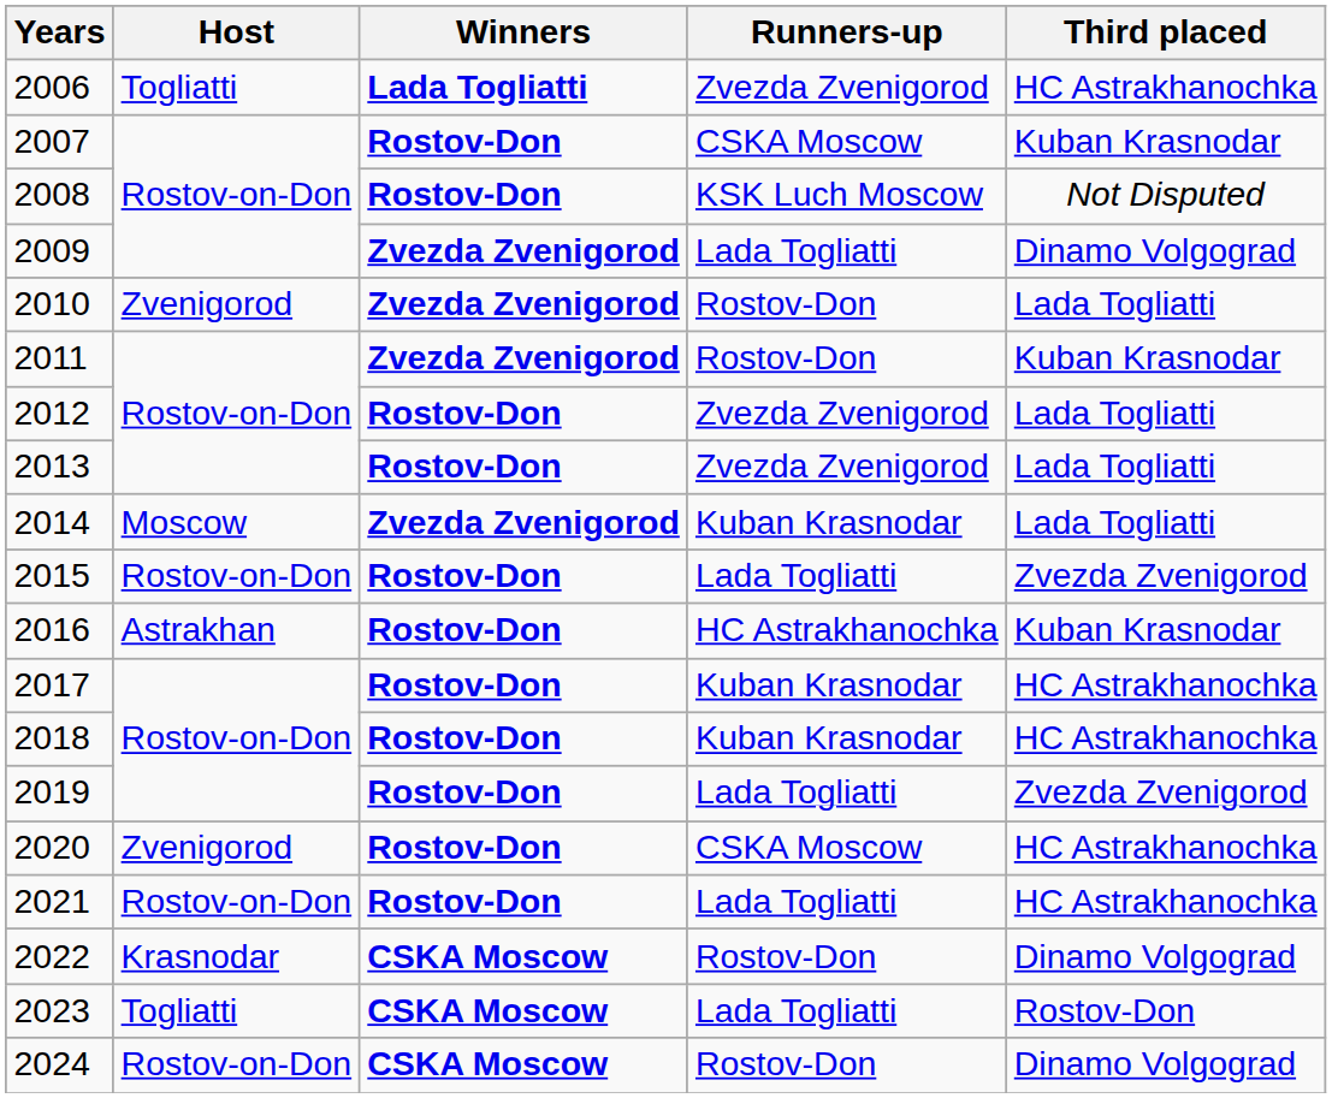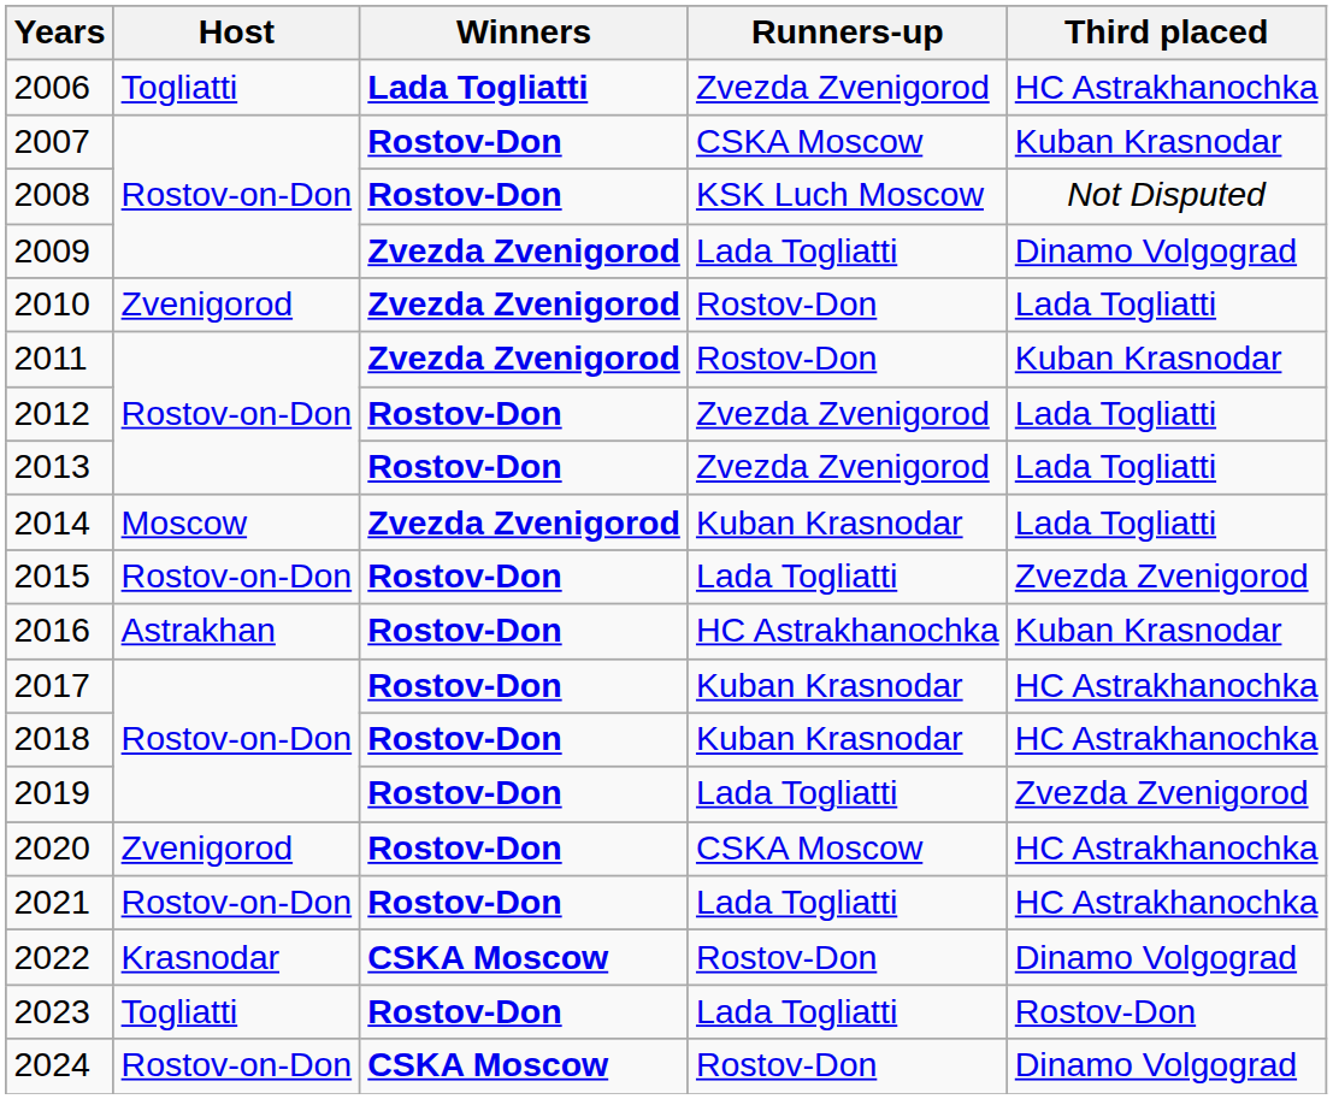 <table class="wikitable">
 <tr>
 <th scope="col">Years</th>
 <th scope="col">Host</th>
 <th scope="col">Winners</th>
 <th scope="col">Runners-up</th>
 <th scope="col">Third placed</th>
 </tr>
 <tr>
 <td>2006</td>
 <td><a href='#'>Togliatti</a></td>
 <td><strong><a href='#'>Lada Togliatti</a></strong></td>
 <td><a href='#'>Zvezda Zvenigorod</a></td>
 <td><a href='#'>HC Astrakhanochka</a></td>
 </tr>
 <tr>
 <td>2007</td>
 <td rowspan=3><a href='#'>Rostov-on-Don</a></td>
 <td><strong><a href='#'>Rostov-Don</a></strong></td>
 <td><a href='#'>CSKA Moscow</a></td>
 <td><a href='#'>Kuban Krasnodar</a></td>
 </tr>
 <tr>
 <td>2008</td>
 <td><strong><a href='#'>Rostov-Don</a></strong></td>
 <td><a href='#'>KSK Luch Moscow</a></td>
 <td align="center"><em>Not Disputed</em></td>
 </tr>
 <tr>
 <td>2009</td>
 <td><strong><a href='#'>Zvezda Zvenigorod</a></strong></td>
 <td><a href='#'>Lada Togliatti</a></td>
 <td><a href='#'>Dinamo Volgograd</a></td>
 </tr>
 <tr>
 <td>2010</td>
 <td><a href='#'>Zvenigorod</a></td>
 <td><strong><a href='#'>Zvezda Zvenigorod</a></strong></td>
 <td><a href='#'>Rostov-Don</a></td>
 <td><a href='#'>Lada Togliatti</a></td>
 </tr>
 <tr>
 <td>2011</td>
 <td rowspan=3><a href='#'>Rostov-on-Don</a></td>
 <td><strong><a href='#'>Zvezda Zvenigorod</a></strong></td>
 <td><a href='#'>Rostov-Don</a></td>
 <td><a href='#'>Kuban Krasnodar</a></td>
 </tr>
 <tr>
 <td>2012</td>
 <td><strong><a href='#'>Rostov-Don</a></strong></td>
 <td><a href='#'>Zvezda Zvenigorod</a></td>
 <td><a href='#'>Lada Togliatti</a></td>
 </tr>
 <tr>
 <td>2013</td>
 <td><strong><a href='#'>Rostov-Don</a></strong></td>
 <td><a href='#'>Zvezda Zvenigorod</a></td>
 <td><a href='#'>Lada Togliatti</a></td>
 </tr>
 <tr>
 <td>2014</td>
 <td><a href='#'>Moscow</a></td>
 <td><strong><a href='#'>Zvezda Zvenigorod</a></strong></td>
 <td><a href='#'>Kuban Krasnodar</a></td>
 <td><a href='#'>Lada Togliatti</a></td>
 </tr>
 <tr>
 <td>2015</td>
 <td><a href='#'>Rostov-on-Don</a></td>
 <td><strong><a href='#'>Rostov-Don</a></strong></td>
 <td><a href='#'>Lada Togliatti</a></td>
 <td><a href='#'>Zvezda Zvenigorod</a></td>
 </tr>
 <tr>
 <td>2016</td>
 <td><a href='#'>Astrakhan</a></td>
 <td><strong><a href='#'>Rostov-Don</a></strong></td>
 <td><a href='#'>HC Astrakhanochka</a></td>
 <td><a href='#'>Kuban Krasnodar</a></td>
 </tr>
 <tr>
 <td>2017</td>
 <td rowspan=3><a href='#'>Rostov-on-Don</a></td>
 <td><strong><a href='#'>Rostov-Don</a></strong></td>
 <td><a href='#'>Kuban Krasnodar</a></td>
 <td><a href='#'>HC Astrakhanochka</a></td>
 </tr>
 <tr>
 <td>2018</td>
 <td><strong><a href='#'>Rostov-Don</a></strong></td>
 <td><a href='#'>Kuban Krasnodar</a></td>
 <td><a href='#'>HC Astrakhanochka</a></td>
 </tr>
 <tr>
 <td>2019</td>
 <td><strong><a href='#'>Rostov-Don</a></strong></td>
 <td><a href='#'>Lada Togliatti</a></td>
 <td><a href='#'>Zvezda Zvenigorod</a></td>
 </tr>
 <tr>
 <td>2020</td>
 <td><a href='#'>Zvenigorod</a></td>
 <td><strong><a href='#'>Rostov-Don</a></strong></td>
 <td><a href='#'>CSKA Moscow</a></td>
 <td><a href='#'>HC Astrakhanochka</a></td>
 </tr>
 <tr>
 <td>2021</td>
 <td><a href='#'>Rostov-on-Don</a></td>
 <td><strong><a href='#'>Rostov-Don</a></strong></td>
 <td><a href='#'>Lada Togliatti</a></td>
 <td><a href='#'>HC Astrakhanochka</a></td>
 </tr>
 <tr>
 <td>2022</td>
 <td><a href='#'>Krasnodar</a></td>
 <td><strong><a href='#'>CSKA Moscow</a></strong></td>
 <td><a href='#'>Rostov-Don</a></td>
 <td><a href='#'>Dinamo Volgograd</a></td>
 </tr>
 <tr>
 <td>2023</td>
 <td><a href='#'>Togliatti</a></td>
-<td><strong><a href='#'>CSKA Moscow</a></strong></td>
+<td><strong><a href='#'>Rostov-Don</a></strong></td>
 <td><a href='#'>Lada Togliatti</a></td>
 <td><a href='#'>Rostov-Don</a></td>
 </tr>
 <tr>
 <td>2024</td>
 <td><a href='#'>Rostov-on-Don</a></td>
 <td><strong><a href='#'>CSKA Moscow</a></strong></td>
 <td><a href='#'>Rostov-Don</a></td>
 <td><a href='#'>Dinamo Volgograd</a></td>
 </tr>
 </table>
